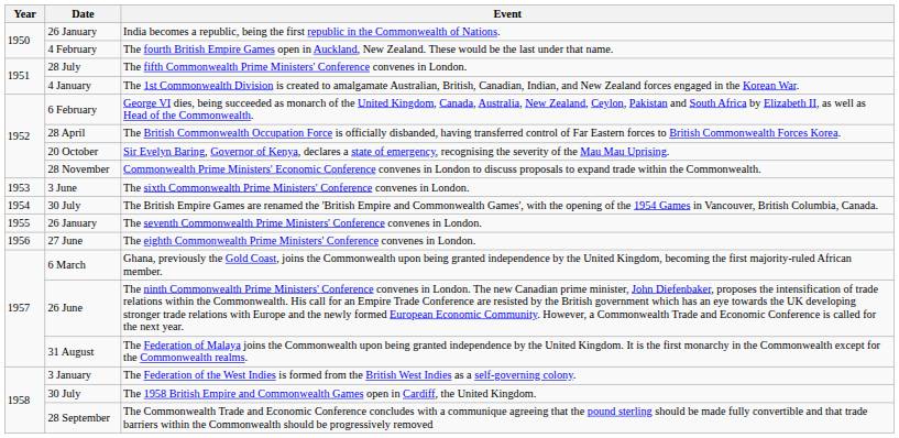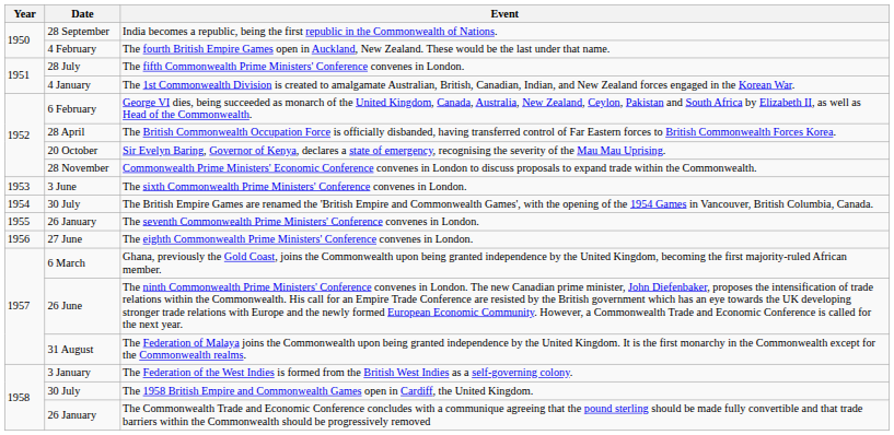 <table class="wikitable" width="100%">
 <tr>
 <th width=50px>Year</th>
 <th width=100px>Date</th>
 <th>Event</th>
 </tr>
 <tr>
 <td rowspan=2>1950</td>
-<td>26 January</td>
+<td>28 September</td>
 <td>India becomes a republic, being the first <a href='#'>republic in the Commonwealth of Nations</a>.</td>
 </tr>
 <tr>
 <td>4 February</td>
 <td>The <a href='#'>fourth British Empire Games</a> open in <a href='#'>Auckland</a>, New Zealand. These would be the last under that name.</td>
 </tr>
 <tr>
 <td rowspan=2>1951</td>
 <td>28 July</td>
 <td>The <a href='#'>fifth Commonwealth Prime Ministers' Conference</a> convenes in London.</td>
 </tr>
 <tr>
 <td>4 January</td>
 <td>The <a href='#'>1st Commonwealth Division</a> is created to amalgamate Australian, British, Canadian, Indian, and New Zealand forces engaged in the <a href='#'>Korean War</a>.</td>
 </tr>
 <tr>
 <td rowspan=4>1952</td>
 <td>6 February</td>
 <td><a href='#'>George VI</a> dies, being succeeded as monarch of the <a href='#'>United Kingdom</a>, <a href='#'>Canada</a>, <a href='#'>Australia</a>, <a href='#'>New Zealand</a>, <a href='#'>Ceylon</a>, <a href='#'>Pakistan</a> and <a href='#'>South Africa</a> by <a href='#'>Elizabeth II</a>, as well as <a href='#'>Head of the Commonwealth</a>.</td>
 </tr>
 <tr>
 <td>28 April</td>
 <td>The <a href='#'>British Commonwealth Occupation Force</a> is officially disbanded, having transferred control of Far Eastern forces to <a href='#'>British Commonwealth Forces Korea</a>.</td>
 </tr>
 <tr>
 <td>20 October</td>
 <td><a href='#'>Sir Evelyn Baring</a>, <a href='#'>Governor of Kenya</a>, declares a <a href='#'>state of emergency</a>, recognising the severity of the <a href='#'>Mau Mau Uprising</a>.</td>
 </tr>
 <tr>
 <td>28 November</td>
 <td><a href='#'>Commonwealth Prime Ministers' Economic Conference</a> convenes in London to discuss proposals to expand trade within the Commonwealth.</td>
 </tr>
 <tr>
 <td>1953</td>
 <td>3 June</td>
 <td>The <a href='#'>sixth Commonwealth Prime Ministers' Conference</a> convenes in London.</td>
 </tr>
 <tr>
 <td>1954</td>
 <td>30 July</td>
 <td>The British Empire Games are renamed the 'British Empire and Commonwealth Games', with the opening of the <a href='#'>1954 Games</a> in Vancouver, British Columbia, Canada.</td>
 </tr>
 <tr>
 <td>1955</td>
 <td>26 January</td>
 <td>The <a href='#'>seventh Commonwealth Prime Ministers' Conference</a> convenes in London.</td>
 </tr>
 <tr>
 <td>1956</td>
 <td>27 June</td>
 <td>The <a href='#'>eighth Commonwealth Prime Ministers' Conference</a> convenes in London.</td>
 </tr>
 <tr>
 <td rowspan=3>1957</td>
 <td>6 March</td>
 <td>Ghana, previously the <a href='#'>Gold Coast</a>, joins the Commonwealth upon being granted independence by the United Kingdom, becoming the first majority-ruled African member.</td>
 </tr>
 <tr>
 <td>26 June</td>
 <td>The <a href='#'>ninth Commonwealth Prime Ministers' Conference</a> convenes in London. The new Canadian prime minister, <a href='#'>John Diefenbaker</a>, proposes the intensification of trade relations within the Commonwealth. His call for an Empire Trade Conference are resisted by the British government which has an eye towards the UK developing stronger trade relations with Europe and the newly formed <a href='#'>European Economic Community</a>. However, a Commonwealth Trade and Economic Conference is called for the next year.</td>
 </tr>
 <tr>
 <td>31 August</td>
 <td>The <a href='#'>Federation of Malaya</a> joins the Commonwealth upon being granted independence by the United Kingdom. It is the first monarchy in the Commonwealth except for the <a href='#'>Commonwealth realms</a>.</td>
 </tr>
 <tr>
 <td rowspan=3>1958</td>
 <td>3 January</td>
 <td>The <a href='#'>Federation of the West Indies</a> is formed from the <a href='#'>British West Indies</a> as a <a href='#'>self-governing colony</a>.</td>
 </tr>
 <tr>
 <td>30 July</td>
 <td>The <a href='#'>1958 British Empire and Commonwealth Games</a> open in <a href='#'>Cardiff</a>, the United Kingdom.</td>
 </tr>
 <tr>
-<td>28 September</td>
+<td>26 January</td>
 <td>The Commonwealth Trade and Economic Conference concludes with a communique agreeing that the <a href='#'>pound sterling</a> should be made fully convertible and that trade barriers within the Commonwealth should be progressively removed</td>
 </tr>
 </table>
